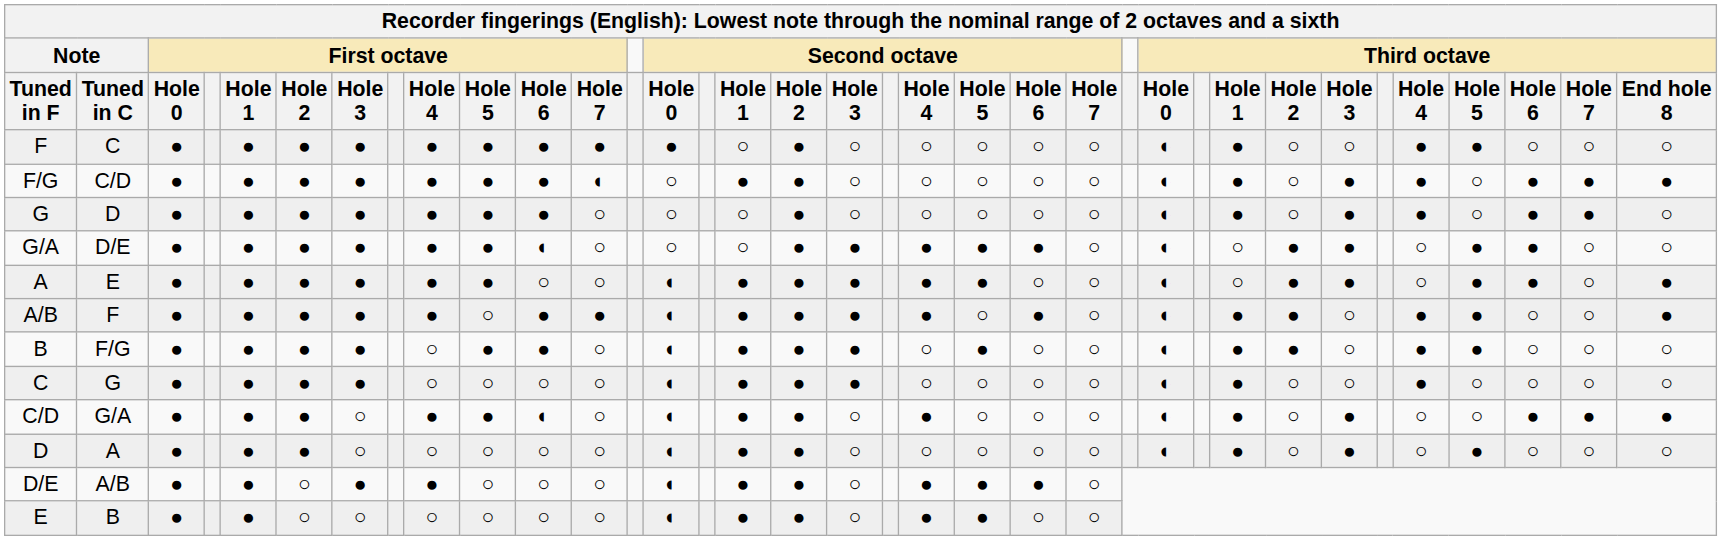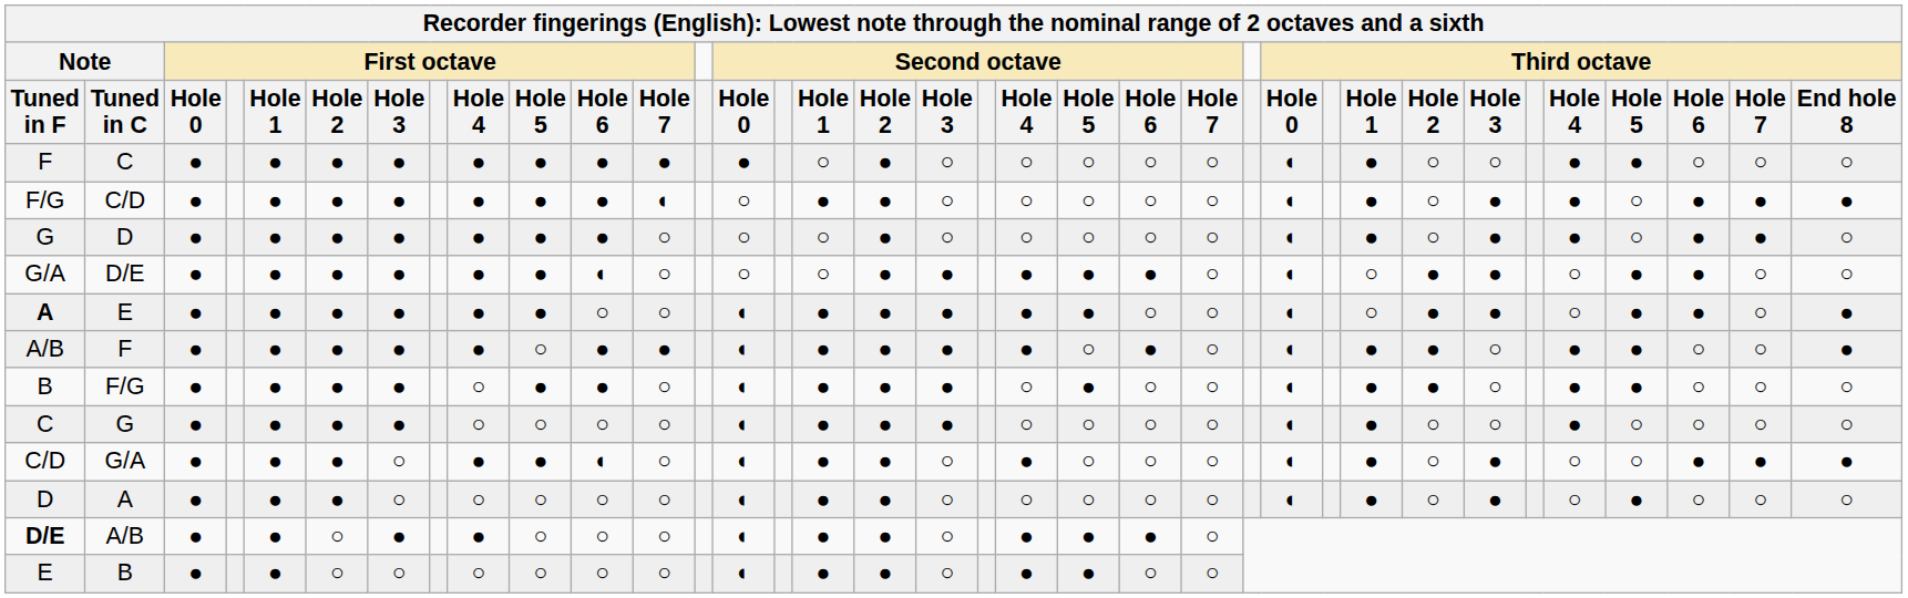 <table class="wikitable">
 <tr>
 <th colspan="35">Recorder fingerings (English): Lowest note through the nominal range of 2 octaves and a sixth</th>
 </tr>
 <tr>
 <th colspan="2">Note</th>
 <th colspan="10" style="background:#f8eaba;">First octave</th>
 <td> </td>
 <th colspan="10" style="background:#f8eaba;">Second octave</th>
 <td> </td>
 <th colspan="11" style="background:#f8eaba;">Third octave</th>
 </tr>
 <tr>
 <th>Tuned<br>in F</th>
 <th>Tuned<br>in C</th>
 <th>Hole<br>0</th>
 <th> </th>
 <th>Hole<br>1</th>
 <th>Hole<br>2</th>
 <th>Hole<br>3</th>
 <th> </th>
 <th>Hole<br>4</th>
 <th>Hole<br>5</th>
 <th>Hole<br>6</th>
 <th>Hole<br>7</th>
 <th> </th>
 <th>Hole<br>0</th>
 <th> </th>
 <th>Hole<br>1</th>
 <th>Hole<br>2</th>
 <th>Hole<br>3</th>
 <th> </th>
 <th>Hole<br>4</th>
 <th>Hole<br>5</th>
 <th>Hole<br>6</th>
 <th>Hole<br>7</th>
 <th> </th>
 <th>Hole<br>0</th>
 <th> </th>
 <th>Hole<br>1</th>
 <th>Hole<br>2</th>
 <th>Hole<br>3</th>
 <th> </th>
 <th>Hole<br>4</th>
 <th>Hole<br>5</th>
 <th>Hole<br>6</th>
 <th>Hole<br>7</th>
 <th>End hole<br>8</th>
 </tr>
 <tr style="text-align:center; background:#efefef;">
 <td>F</td>
 <td>C</td>
 <td>●</td>
 <td></td>
 <td>●</td>
 <td>●</td>
 <td>●</td>
 <td></td>
 <td>●</td>
 <td>●</td>
 <td>●</td>
 <td>●</td>
 <td></td>
 <td>●</td>
 <td></td>
 <td>○</td>
 <td>●</td>
 <td>○</td>
 <td></td>
 <td>○</td>
 <td>○</td>
 <td>○</td>
 <td>○</td>
 <td></td>
 <td>◐</td>
 <td></td>
 <td>●</td>
 <td>○</td>
 <td>○</td>
 <td></td>
 <td>●</td>
 <td>●</td>
 <td>○</td>
 <td>○</td>
 <td>○</td>
 </tr>
 <tr style="text-align:center;">
 <td>F/G</td>
 <td>C/D</td>
 <td>●</td>
 <td></td>
 <td>●</td>
 <td>●</td>
 <td>●</td>
 <td></td>
 <td>●</td>
 <td>●</td>
 <td>●</td>
 <td>◐</td>
 <td></td>
 <td>○</td>
 <td></td>
 <td>●</td>
 <td>●</td>
 <td>○</td>
 <td></td>
 <td>○</td>
 <td>○</td>
 <td>○</td>
 <td>○</td>
 <td></td>
 <td>◐</td>
 <td></td>
 <td>●</td>
 <td>○</td>
 <td>●</td>
 <td></td>
 <td>●</td>
 <td>○</td>
 <td>●</td>
 <td>●</td>
 <td>●</td>
 </tr>
 <tr style="text-align:center; background:#efefef;">
 <td>G</td>
 <td>D</td>
 <td>●</td>
 <td></td>
 <td>●</td>
 <td>●</td>
 <td>●</td>
 <td></td>
 <td>●</td>
 <td>●</td>
 <td>●</td>
 <td>○</td>
 <td></td>
 <td>○</td>
 <td></td>
 <td>○</td>
 <td>●</td>
 <td>○</td>
 <td></td>
 <td>○</td>
 <td>○</td>
 <td>○</td>
 <td>○</td>
 <td></td>
 <td>◐</td>
 <td></td>
 <td>●</td>
 <td>○</td>
 <td>●</td>
 <td></td>
 <td>●</td>
 <td>○</td>
 <td>●</td>
 <td>●</td>
 <td>○</td>
 </tr>
 <tr style="text-align:center;">
 <td>G/A</td>
 <td>D/E</td>
 <td>●</td>
 <td></td>
 <td>●</td>
 <td>●</td>
 <td>●</td>
 <td></td>
 <td>●</td>
 <td>●</td>
 <td>◐</td>
 <td>○</td>
 <td></td>
 <td>○</td>
 <td></td>
 <td>○</td>
 <td>●</td>
 <td>●</td>
 <td></td>
 <td>●</td>
 <td>●</td>
 <td>●</td>
 <td>○</td>
 <td></td>
 <td>◐</td>
 <td></td>
 <td>○</td>
 <td>●</td>
 <td>●</td>
 <td></td>
 <td>○</td>
 <td>●</td>
 <td>●</td>
 <td>○</td>
 <td>○</td>
 </tr>
 <tr style="text-align:center; background:#efefef;">
-<td>A</td>
+<td><strong>A</strong></td>
 <td>E</td>
 <td>●</td>
 <td></td>
 <td>●</td>
 <td>●</td>
 <td>●</td>
 <td></td>
 <td>●</td>
 <td>●</td>
 <td>○</td>
 <td>○</td>
 <td></td>
 <td>◐</td>
 <td></td>
 <td>●</td>
 <td>●</td>
 <td>●</td>
 <td></td>
 <td>●</td>
 <td>●</td>
 <td>○</td>
 <td>○</td>
 <td></td>
 <td>◐</td>
 <td></td>
 <td>○</td>
 <td>●</td>
 <td>●</td>
 <td></td>
 <td>○</td>
 <td>●</td>
 <td>●</td>
 <td>○</td>
 <td>●</td>
 </tr>
 <tr style="text-align:center; background:#efefef;">
 <td>A/B</td>
 <td>F</td>
 <td>●</td>
 <td></td>
 <td>●</td>
 <td>●</td>
 <td>●</td>
 <td></td>
 <td>●</td>
 <td>○</td>
 <td>●</td>
 <td>●</td>
 <td></td>
 <td>◐</td>
 <td></td>
 <td>●</td>
 <td>●</td>
 <td>●</td>
 <td></td>
 <td>●</td>
 <td>○</td>
 <td>●</td>
 <td>○</td>
 <td></td>
 <td>◐</td>
 <td></td>
 <td>●</td>
 <td>●</td>
 <td>○</td>
 <td></td>
 <td>●</td>
 <td>●</td>
 <td>○</td>
 <td>○</td>
 <td>●</td>
 </tr>
 <tr style="text-align:center;">
 <td>B</td>
 <td>F/G</td>
 <td>●</td>
 <td></td>
 <td>●</td>
 <td>●</td>
 <td>●</td>
 <td></td>
 <td>○</td>
 <td>●</td>
 <td>●</td>
 <td>○</td>
 <td></td>
 <td>◐</td>
 <td></td>
 <td>●</td>
 <td>●</td>
 <td>●</td>
 <td></td>
 <td>○</td>
 <td>●</td>
 <td>○</td>
 <td>○</td>
 <td></td>
 <td>◐</td>
 <td></td>
 <td>●</td>
 <td>●</td>
 <td>○</td>
 <td></td>
 <td>●</td>
 <td>●</td>
 <td>○</td>
 <td>○</td>
 <td>○</td>
 </tr>
 <tr style="text-align:center; background:#efefef;">
 <td>C</td>
 <td>G</td>
 <td>●</td>
 <td></td>
 <td>●</td>
 <td>●</td>
 <td>●</td>
 <td></td>
 <td>○</td>
 <td>○</td>
 <td>○</td>
 <td>○</td>
 <td></td>
 <td>◐</td>
 <td></td>
 <td>●</td>
 <td>●</td>
 <td>●</td>
 <td></td>
 <td>○</td>
 <td>○</td>
 <td>○</td>
 <td>○</td>
 <td></td>
 <td>◐</td>
 <td></td>
 <td>●</td>
 <td>○</td>
 <td>○</td>
 <td></td>
 <td>●</td>
 <td>○</td>
 <td>○</td>
 <td>○</td>
 <td>○</td>
 </tr>
 <tr style="text-align:center;">
 <td>C/D</td>
 <td>G/A</td>
 <td>●</td>
 <td></td>
 <td>●</td>
 <td>●</td>
 <td>○</td>
 <td></td>
 <td>●</td>
 <td>●</td>
 <td>◐</td>
 <td>○</td>
 <td></td>
 <td>◐</td>
 <td></td>
 <td>●</td>
 <td>●</td>
 <td>○</td>
 <td></td>
 <td>●</td>
 <td>○</td>
 <td>○</td>
 <td>○</td>
 <td></td>
 <td>◐</td>
 <td></td>
 <td>●</td>
 <td>○</td>
 <td>●</td>
 <td></td>
 <td>○</td>
 <td>○</td>
 <td>●</td>
 <td>●</td>
 <td>●</td>
 </tr>
 <tr style="text-align:center; background:#efefef;">
 <td>D</td>
 <td>A</td>
 <td>●</td>
 <td></td>
 <td>●</td>
 <td>●</td>
 <td>○</td>
 <td></td>
 <td>○</td>
 <td>○</td>
 <td>○</td>
 <td>○</td>
 <td></td>
 <td>◐</td>
 <td></td>
 <td>●</td>
 <td>●</td>
 <td>○</td>
 <td></td>
 <td>○</td>
 <td>○</td>
 <td>○</td>
 <td>○</td>
 <td></td>
 <td>◐</td>
 <td></td>
 <td>●</td>
 <td>○</td>
 <td>●</td>
 <td></td>
 <td>○</td>
 <td>●</td>
 <td>○</td>
 <td>○</td>
 <td>○</td>
 </tr>
 <tr style="text-align:center;">
-<td>D/E</td>
+<td><strong>D/E</strong></td>
 <td>A/B</td>
 <td>●</td>
 <td></td>
 <td>●</td>
 <td>○</td>
 <td>●</td>
 <td></td>
 <td>●</td>
 <td>○</td>
 <td>○</td>
 <td>○</td>
 <td></td>
 <td>◐</td>
 <td></td>
 <td>●</td>
 <td>●</td>
 <td>○</td>
 <td></td>
 <td>●</td>
 <td>●</td>
 <td>●</td>
 <td>○</td>
 </tr>
 <tr style="text-align:center; background:#efefef;">
 <td>E</td>
 <td>B</td>
 <td>●</td>
 <td></td>
 <td>●</td>
 <td>○</td>
 <td>○</td>
 <td></td>
 <td>○</td>
 <td>○</td>
 <td>○</td>
 <td>○</td>
 <td></td>
 <td>◐</td>
 <td></td>
 <td>●</td>
 <td>●</td>
 <td>○</td>
 <td></td>
 <td>●</td>
 <td>●</td>
 <td>○</td>
 <td>○</td>
 </tr>
 </table>
